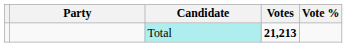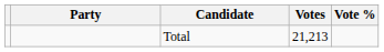 <table class="wikitable">
 <tr>
 <th></th>
 <th scope="col" width="175">Party</th>
 <th scope="col" width="150">Candidate</th>
 <th>Votes</th>
 <th>Vote %<br>   </th>
 </tr>
 <tr |>
 <td></td>
 <td></td>
-<td style="background: paleturquoise;">Total</td>
-<td align=right><strong>21,213</strong></td>
+<td>Total</td>
+<td align=right>21,213</td>
 <td></td>
 </tr>
 </table>
